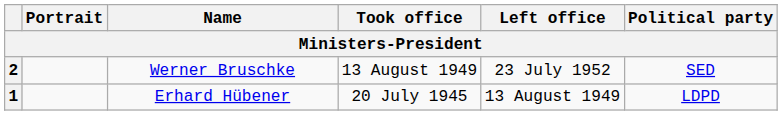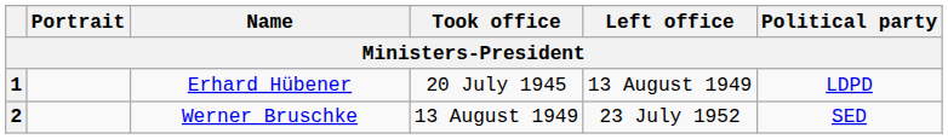 <table class="wikitable" style="text-align:center">
 <tr>
 <th></th>
 <th>Portrait</th>
 <th width=180>Name<br></th>
 <th>Took office</th>
 <th>Left office</th>
 <th>Political party</th>
 </tr>
 <tr>
 <th colspan=6>Ministers-President</th>
 </tr>
 <tr>
+<th style="background:">1</th>
+<td></td>
+<td><a href='#'>Erhard Hübener</a><br></td>
+<td>20 July 1945</td>
+<td>13 August 1949</td>
+<td><a href='#'>LDPD</a></td>
+</tr>
+<tr>
 <th style="background:">2</th>
 <td></td>
 <td><a href='#'>Werner Bruschke</a><br></td>
 <td>13 August 1949</td>
 <td>23 July 1952</td>
 <td><a href='#'>SED</a></td>
 </tr>
-<tr>
-<th style="background:">1</th>
-<td></td>
-<td><a href='#'>Erhard Hübener</a><br></td>
-<td>20 July 1945</td>
-<td>13 August 1949</td>
-<td><a href='#'>LDPD</a></td>
-</tr>
 </table>
